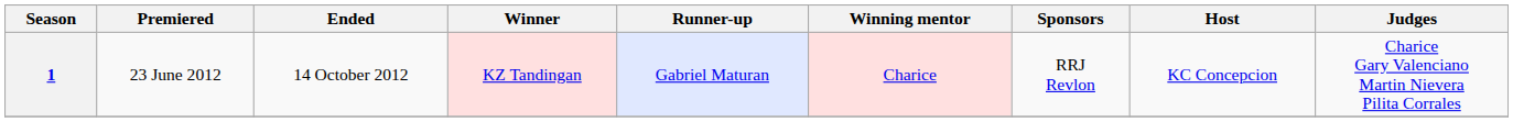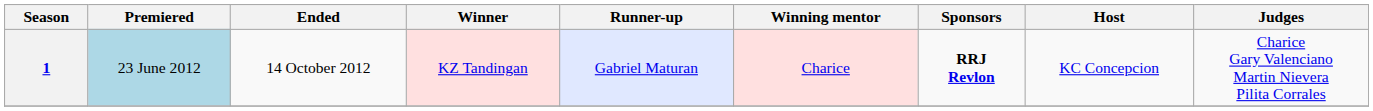 <table class="wikitable" style="text-align:center; font-size:90%; line-height:16px;" width="100%">
 <tr>
 <th scope="col">Season</th>
 <th scope="col">Premiered</th>
 <th scope="col">Ended</th>
 <th scope="col">Winner</th>
 <th scope="col">Runner-up</th>
 <th scope="col">Winning mentor</th>
 <th scope="col">Sponsors</th>
 <th scope="col">Host</th>
 <th scope="col">Judges</th>
 </tr>
 <tr align="center">
 <th scope="row"><a href='#'>1</a></th>
-<td>23 June 2012</td>
+<td style="background: lightblue;">23 June 2012</td>
 <td>14 October 2012</td>
 <td style="background:#FFE0E0"><a href='#'>KZ Tandingan</a></td>
 <td style="background:#E0E8FF"><a href='#'>Gabriel Maturan</a></td>
 <td style="background:#FFE0E0"><a href='#'>Charice</a></td>
-<td>RRJ<br><a href='#'>Revlon</a></td>
+<td><strong>RRJ<br><a href='#'>Revlon</a></strong></td>
 <td><a href='#'>KC Concepcion</a></td>
 <td><a href='#'>Charice</a><br><a href='#'>Gary Valenciano</a><br><a href='#'>Martin Nievera</a><br><a href='#'>Pilita Corrales</a></td>
 </tr>
 <tr>
 </tr>
 </table>
